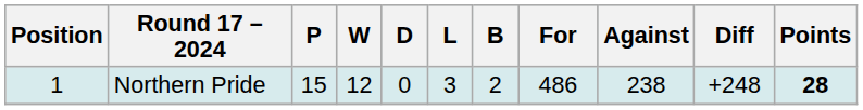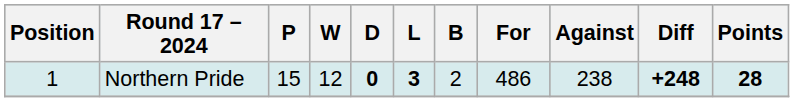 <table class="wikitable" style="text-align:center; font-size:85%;">
 <tr style="background: #d7ebed;">
 <th width="40" abbr="Position">Position</th>
 <th width="100">Round 17 – 2024</th>
 <th width="20" abbr="Played">P</th>
 <th width="20" abbr="Won">W</th>
 <th width="20" abbr="Drawn">D</th>
 <th width="20" abbr="Lost">L</th>
 <th width="20" abbr="Bye">B</th>
 <th width="40" abbr="Points for">For</th>
 <th width="40" abbr="Points against">Against</th>
 <th width="40" abbr="Points difference">Diff</th>
 <th width="40" abbr="Points">Points</th>
 </tr>
 <tr style="background: #d7ebed;">
 <td>1</td>
 <td style="text-align:left;"> Northern Pride</td>
 <td>15</td>
 <td>12</td>
-<td>0</td>
-<td>3</td>
+<td><strong>0</strong></td>
+<td><strong>3</strong></td>
 <td>2</td>
 <td>486</td>
 <td>238</td>
-<td>+248</td>
+<td><strong>+248</strong></td>
 <td><strong>28</strong></td>
 </tr>
 <tr>
 </tr>
 </table>
